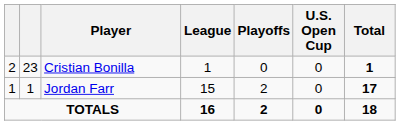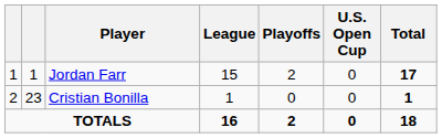 <table class="wikitable sortable" style="font-size: 95%; text-align: center;">
 <tr>
 <th width=10></th>
 <th width=10></th>
 <th width=150>Player</th>
 <th width=50>League</th>
 <th width=50>Playoffs</th>
 <th width=50>U.S. Open Cup</th>
 <th width=50>Total</th>
 </tr>
 <tr>
+<td>1</td>
+<td>1</td>
+<td align=left> <a href='#'>Jordan Farr</a></td>
+<td>15</td>
+<td>2</td>
+<td>0</td>
+<td><strong>17</strong></td>
+</tr>
+<tr>
 <td>2</td>
 <td>23</td>
 <td align=left> <a href='#'>Cristian Bonilla</a></td>
 <td>1</td>
 <td>0</td>
 <td>0</td>
 <td><strong>1</strong></td>
 </tr>
 <tr>
-<td>1</td>
-<td>1</td>
-<td align=left> <a href='#'>Jordan Farr</a></td>
-<td>15</td>
-<td>2</td>
-<td>0</td>
-<td><strong>17</strong></td>
-</tr>
-<tr>
 <td colspan="3"><strong>TOTALS</strong></td>
 <td><strong>16</strong></td>
 <td><strong>2</strong></td>
 <td><strong>0</strong></td>
 <td><strong>18</strong></td>
 </tr>
 </table>
